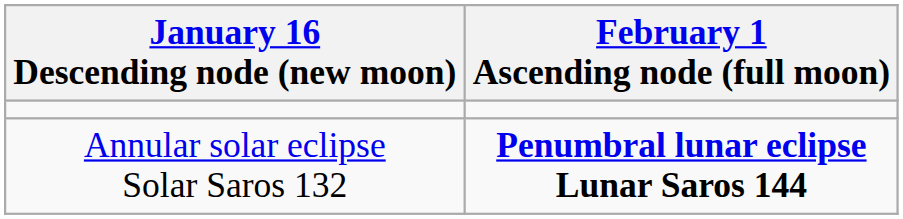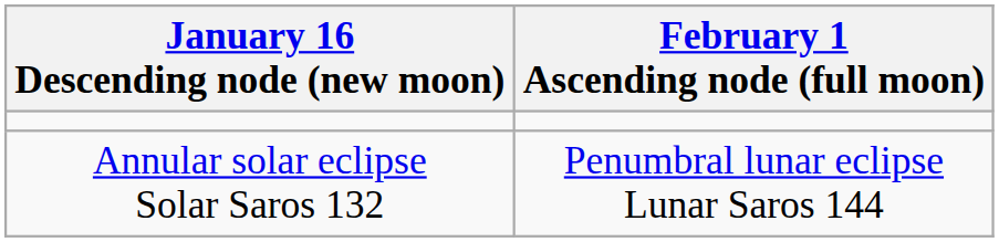 <table class="wikitable">
 <tr>
 <th><a href='#'>January 16</a><br>Descending node (new moon)<br></th>
 <th><a href='#'>February 1</a><br>Ascending node (full moon)<br></th>
 </tr>
 <tr>
 <td></td>
 <td></td>
 </tr>
 <tr align=center>
 <td><a href='#'>Annular solar eclipse</a><br>Solar Saros 132</td>
-<td><strong><a href='#'>Penumbral lunar eclipse</a><br>Lunar Saros 144</strong></td>
+<td><a href='#'>Penumbral lunar eclipse</a><br>Lunar Saros 144</td>
 </tr>
 </table>
